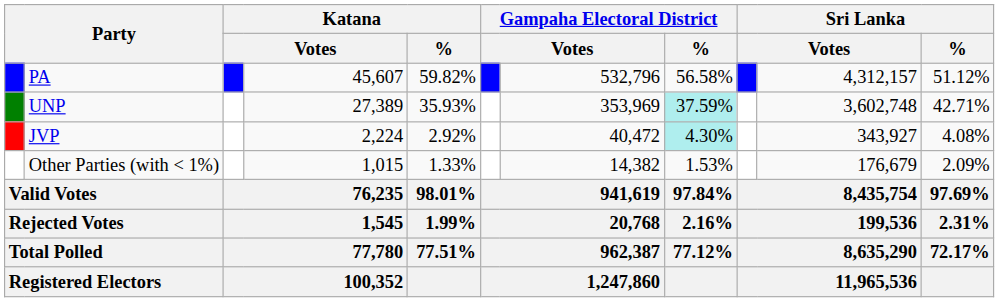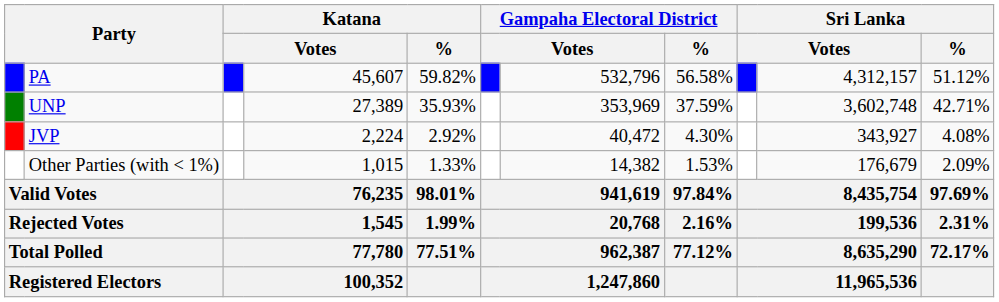 <table class="wikitable">
 <tr>
 <th colspan="2" width="144px"rowspan="2">Party</th>
 <th colspan="3" width="216px">Katana</th>
 <th colspan="3" width="216px"><a href='#'>Gampaha Electoral District</a></th>
 <th colspan="3" width="216px">Sri Lanka</th>
 </tr>
 <tr>
 <th colspan="2" width="144px">Votes</th>
 <th>%</th>
 <th colspan="2" width="144px">Votes</th>
 <th>%</th>
 <th colspan="2" width="144px">Votes</th>
 <th>%</th>
 </tr>
 <tr>
 <td style="background-color:blue;" width="10px"></td>
 <td style="text-align:left;"><a href='#'>PA</a></td>
 <td style="background-color:blue;" width="10px"></td>
 <td style="text-align:right;">45,607</td>
 <td style="text-align:right;">59.82%</td>
 <td style="background-color:blue;" width="10px"></td>
 <td style="text-align:right;">532,796</td>
 <td style="text-align:right;">56.58%</td>
 <td style="background-color:blue;" width="10px"></td>
 <td style="text-align:right;">4,312,157</td>
 <td style="text-align:right;">51.12%</td>
 </tr>
 <tr>
 <td style="background-color:green;" width="10px"></td>
 <td style="text-align:left;"><a href='#'>UNP</a></td>
 <td style="background-color:white;" width="10px"></td>
 <td style="text-align:right;">27,389</td>
 <td style="text-align:right;">35.93%</td>
 <td style="background-color:white;" width="10px"></td>
 <td style="text-align:right;">353,969</td>
-<td style="background: paleturquoise; text-align:right;">37.59%</td>
+<td style="text-align:right;">37.59%</td>
 <td style="background-color:white;" width="10px"></td>
 <td style="text-align:right;">3,602,748</td>
 <td style="text-align:right;">42.71%</td>
 </tr>
 <tr>
 <td style="background-color:red;" width="10px"></td>
 <td style="text-align:left;"><a href='#'>JVP</a></td>
 <td style="background-color:white;" width="10px"></td>
 <td style="text-align:right;">2,224</td>
 <td style="text-align:right;">2.92%</td>
 <td style="background-color:white;" width="10px"></td>
 <td style="text-align:right;">40,472</td>
-<td style="background: paleturquoise; text-align:right;">4.30%</td>
+<td style="text-align:right;">4.30%</td>
 <td style="background-color:white;" width="10px"></td>
 <td style="text-align:right;">343,927</td>
 <td style="text-align:right;">4.08%</td>
 </tr>
 <tr>
 <td style="background-color:white;" width="10px"></td>
 <td style="text-align:left;">Other Parties (with < 1%)</td>
 <td style="background-color:white;" width="10px"></td>
 <td style="text-align:right;">1,015</td>
 <td style="text-align:right;">1.33%</td>
 <td style="background-color:white;" width="10px"></td>
 <td style="text-align:right;">14,382</td>
 <td style="text-align:right;">1.53%</td>
 <td style="background-color:white;" width="10px"></td>
 <td style="text-align:right;">176,679</td>
 <td style="text-align:right;">2.09%</td>
 </tr>
 <tr>
 <th colspan="2" width="144px"style="text-align:left;">Valid Votes</th>
 <th style="text-align:right;"colspan="2" width="144px">76,235</th>
 <th style="text-align:right;">98.01%</th>
 <th style="text-align:right;"colspan="2" width="144px">941,619</th>
 <th style="text-align:right;">97.84%</th>
 <th style="text-align:right;"colspan="2" width="144px">8,435,754</th>
 <th style="text-align:right;">97.69%</th>
 </tr>
 <tr>
 <th colspan="2" width="144px"style="text-align:left;">Rejected Votes</th>
 <th style="text-align:right;"colspan="2" width="144px">1,545</th>
 <th style="text-align:right;">1.99%</th>
 <th style="text-align:right;"colspan="2" width="144px">20,768</th>
 <th style="text-align:right;">2.16%</th>
 <th style="text-align:right;"colspan="2" width="144px">199,536</th>
 <th style="text-align:right;">2.31%</th>
 </tr>
 <tr>
 <th colspan="2" width="144px"style="text-align:left;">Total Polled</th>
 <th style="text-align:right;"colspan="2" width="144px">77,780</th>
 <th style="text-align:right;">77.51%</th>
 <th style="text-align:right;"colspan="2" width="144px">962,387</th>
 <th style="text-align:right;">77.12%</th>
 <th style="text-align:right;"colspan="2" width="144px">8,635,290</th>
 <th style="text-align:right;">72.17%</th>
 </tr>
 <tr>
 <th colspan="2" width="144px"style="text-align:left;">Registered Electors</th>
 <th style="text-align:right;"colspan="2" width="144px">100,352</th>
 <th></th>
 <th style="text-align:right;"colspan="2" width="144px">1,247,860</th>
 <th></th>
 <th style="text-align:right;"colspan="2" width="144px">11,965,536</th>
 <th></th>
 </tr>
 </table>
